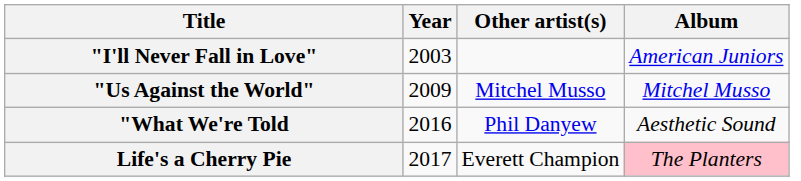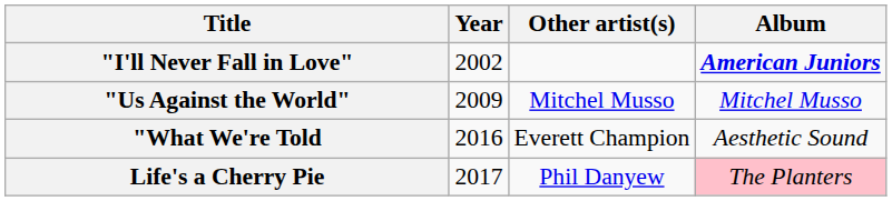 <table class="wikitable plainrowheaders" style="text-align:center;">
 <tr>
 <th scope="col" style="width:18em;">Title</th>
 <th scope="col">Year</th>
 <th scope="col">Other artist(s)</th>
 <th scope="col">Album</th>
 </tr>
 <tr>
 <th scope="row">"I'll Never Fall in Love"</th>
-<td>2003</td>
+<td>2002</td>
 <td></td>
-<td><em><a href='#'>American Juniors</a></em></td>
+<td><strong><em><a href='#'>American Juniors</a></em></strong></td>
 </tr>
 <tr>
 <th scope="row">"Us Against the World"</th>
 <td>2009</td>
 <td><a href='#'>Mitchel Musso</a></td>
 <td><em><a href='#'>Mitchel Musso</a></em></td>
 </tr>
 <tr>
 <th scope="row">"What We're Told</th>
 <td>2016</td>
-<td><a href='#'>Phil Danyew</a></td>
+<td>Everett Champion</td>
 <td><em>Aesthetic Sound</em></td>
 </tr>
 <tr>
 <th scope="row">Life's a Cherry Pie</th>
 <td>2017</td>
-<td>Everett Champion</td>
+<td><a href='#'>Phil Danyew</a></td>
 <td style="background: pink;"><em>The Planters</em></td>
 </tr>
 </table>
